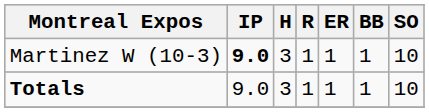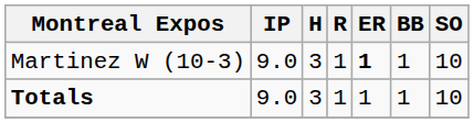 <table class="wikitable sortable">
 <tr>
 <th>Montreal Expos</th>
 <th>IP</th>
 <th>H</th>
 <th>R</th>
 <th>ER</th>
 <th>BB</th>
 <th>SO</th>
 </tr>
 <tr>
 <td>Martinez W (10-3)</td>
-<td><strong>9.0</strong></td>
+<td>9.0</td>
 <td>3</td>
 <td>1</td>
-<td>1</td>
+<td><strong>1</strong></td>
 <td>1</td>
 <td>10</td>
 </tr>
 <tr>
 <td><strong>Totals</strong></td>
 <td>9.0</td>
 <td>3</td>
 <td>1</td>
 <td>1</td>
 <td>1</td>
 <td>10</td>
 </tr>
 <tr>
 </tr>
 </table>
